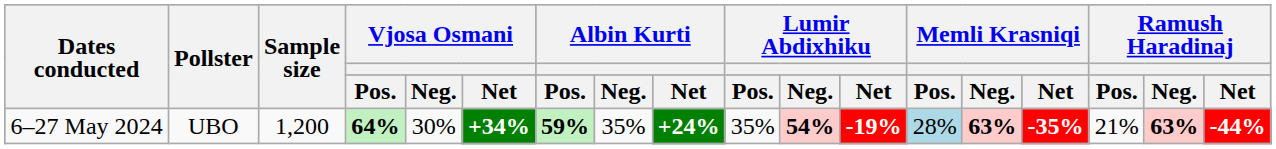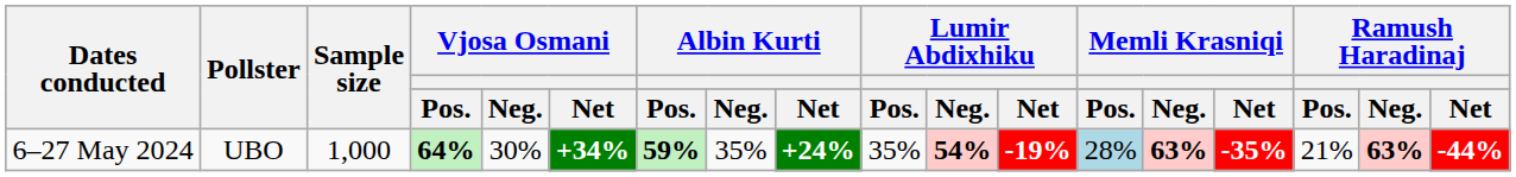 <table class="wikitable mw-datatable" style="text-align:center; font-size:90%; line-height:14px;">
 <tr>
 <th rowspan="3">Dates<br>conducted</th>
 <th rowspan="3">Pollster</th>
 <th rowspan="3" data-sort-type="number">Sample<br>size</th>
 <th colspan="3" class="unsortable" style="width:50px;"><a href='#'>Vjosa Osmani</a></th>
 <th colspan="3" class="unsortable" style="width:50px;"><a href='#'>Albin Kurti</a></th>
 <th colspan="3" class="unsortable" style="width:50px;"><a href='#'>Lumir Abdixhiku</a></th>
 <th colspan="3" class="unsortable" style="width:50px;"><a href='#'>Memli Krasniqi</a></th>
 <th colspan="3" class="unsortable" style="width:50px;"><a href='#'>Ramush Haradinaj</a></th>
 </tr>
 <tr>
 <th colspan="3" data-sort-type="number" style="background:"></th>
 <th colspan="3" data-sort-type="number" style="background:"></th>
 <th colspan="3" data-sort-type="number" style="background:"></th>
 <th colspan="3" data-sort-type="number" style="background:"></th>
 <th colspan="3" data-sort-type="number" style="background:"></th>
 </tr>
 <tr>
 <th>Pos.</th>
 <th>Neg.</th>
 <th>Net</th>
 <th>Pos.</th>
 <th>Neg.</th>
 <th>Net</th>
 <th>Pos.</th>
 <th>Neg.</th>
 <th>Net</th>
 <th>Pos.</th>
 <th>Neg.</th>
 <th>Net</th>
 <th>Pos.</th>
 <th>Neg.</th>
 <th>Net</th>
 </tr>
 <tr>
 <td>6–27 May 2024</td>
 <td>UBO</td>
-<td>1,200</td>
+<td>1,000</td>
 <td style="background:#C1F0C1"><strong>64%</strong></td>
 <td>30%</td>
 <td style="background:green;color:white"><strong>+34%</strong></td>
 <td style="background:#C1F0C1"><strong>59%</strong></td>
 <td>35%</td>
 <td style="background:green;color:white"><strong>+24%</strong></td>
 <td>35%</td>
 <td style="background:#ffcccb"><strong>54%</strong></td>
 <td style="background:red;color:white"><strong>-19%</strong></td>
 <td style="background: lightblue;">28%</td>
 <td style="background:#ffcccb"><strong>63%</strong></td>
 <td style="background:red;color:white"><strong>-35%</strong></td>
 <td>21%</td>
 <td style="background:#ffcccb"><strong>63%</strong></td>
 <td style="background:red;color:white"><strong>-44%</strong></td>
 </tr>
 </table>
